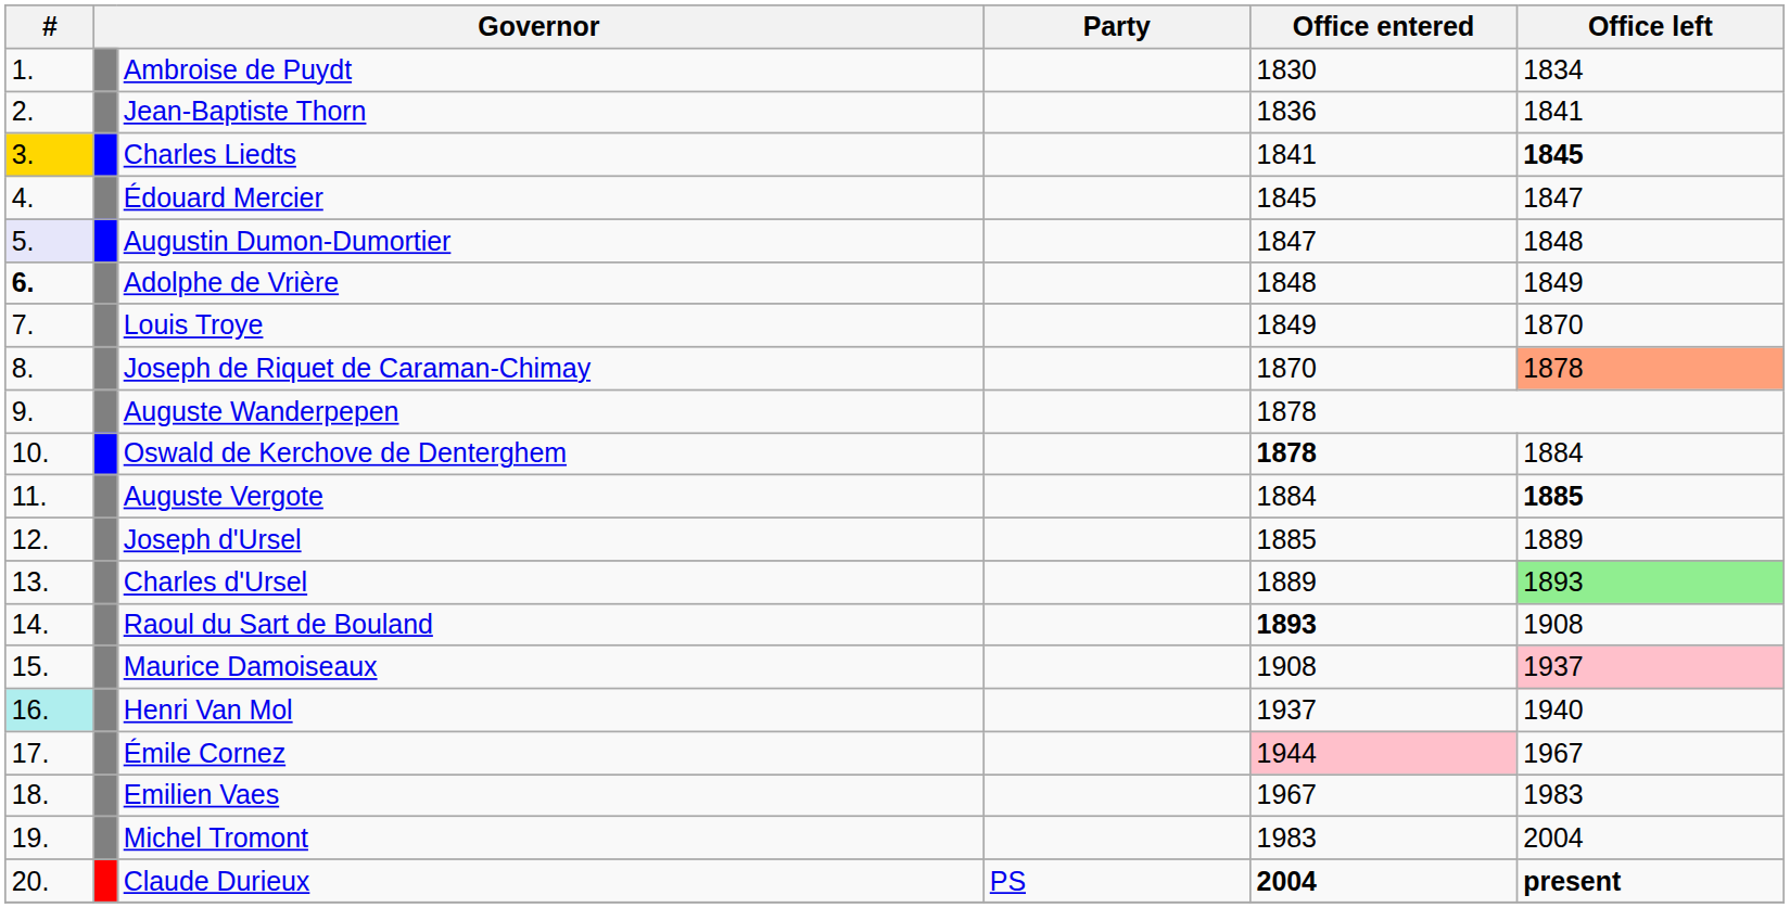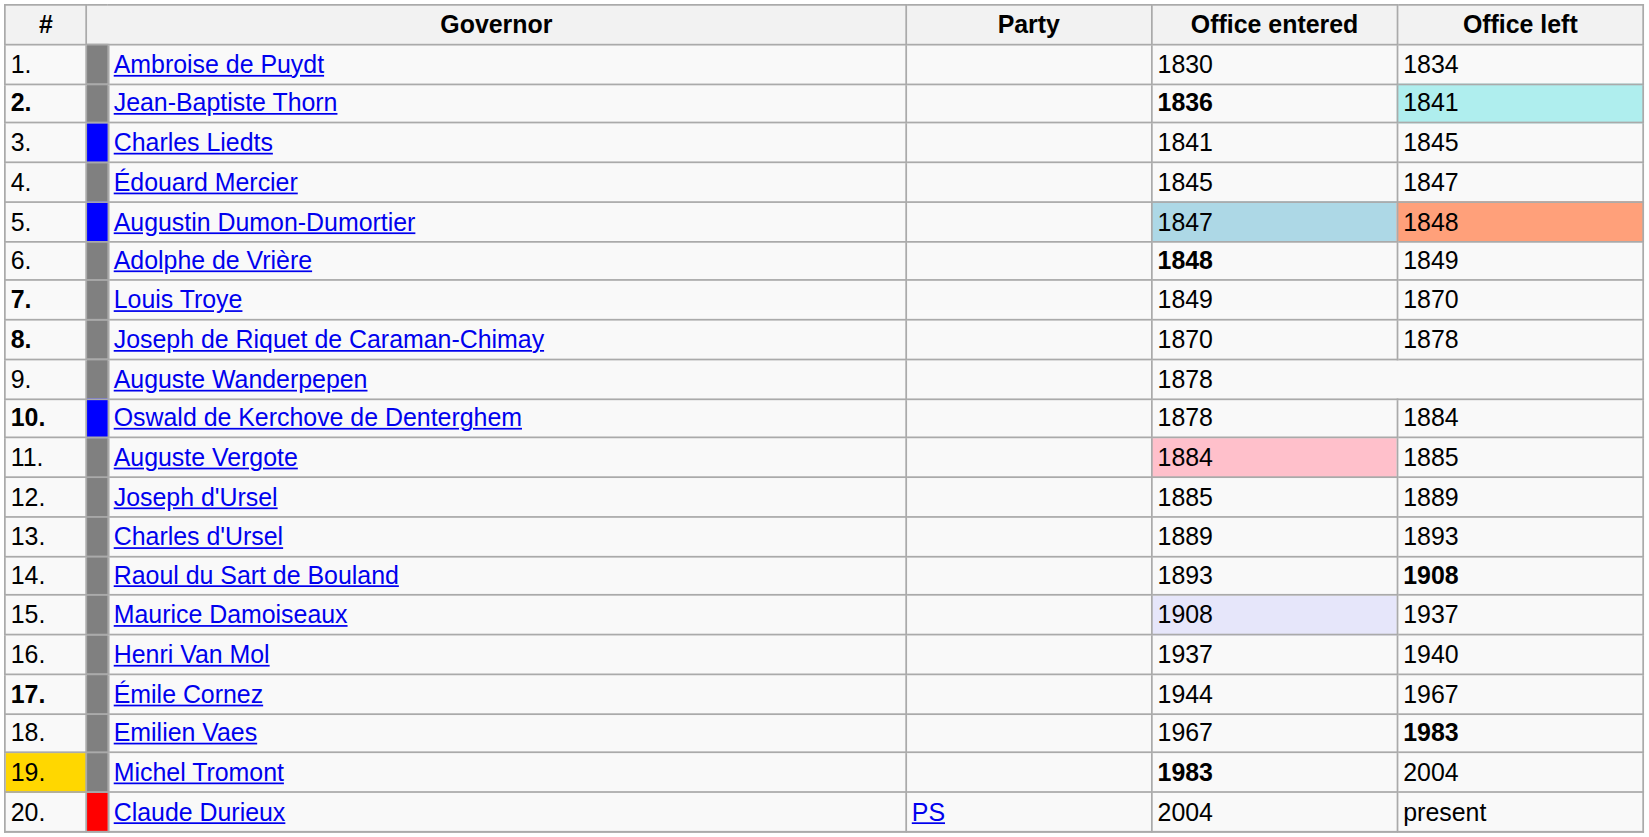 <table class="wikitable" style="text-align:left; font-size:90%; width:75%">
 <tr>
 <th>#</th>
 <th colspan=2 width=50%>Governor</th>
 <th width=15%>Party</th>
 <th width=15%>Office entered</th>
 <th width=15%>Office left</th>
 </tr>
 <tr>
 <td>1.</td>
 <td bgcolor="grey"></td>
 <td><a href='#'>Ambroise de Puydt</a></td>
 <td></td>
 <td>1830</td>
 <td>1834</td>
 </tr>
 <tr>
-<td>2.</td>
+<td><strong>2.</strong></td>
 <td bgcolor="grey"></td>
 <td><a href='#'>Jean-Baptiste Thorn</a></td>
 <td></td>
-<td>1836</td>
-<td>1841</td>
+<td><strong>1836</strong></td>
+<td style="background: paleturquoise;">1841</td>
 </tr>
 <tr>
-<td style="background: gold;">3.</td>
+<td>3.</td>
 <td bgcolor="blue"></td>
 <td><a href='#'>Charles Liedts</a></td>
 <td></td>
 <td>1841</td>
-<td><strong>1845</strong></td>
+<td>1845</td>
 </tr>
 <tr>
 <td>4.</td>
 <td bgcolor="grey"></td>
 <td><a href='#'>Édouard Mercier</a></td>
 <td></td>
 <td>1845</td>
 <td>1847</td>
 </tr>
 <tr>
-<td style="background: lavender;">5.</td>
+<td>5.</td>
 <td bgcolor="blue"></td>
 <td><a href='#'>Augustin Dumon-Dumortier</a></td>
 <td></td>
-<td>1847</td>
-<td>1848</td>
+<td style="background: lightblue;">1847</td>
+<td style="background: lightsalmon;">1848</td>
 </tr>
 <tr>
-<td><strong>6.</strong></td>
+<td>6.</td>
 <td bgcolor="grey"></td>
 <td><a href='#'>Adolphe de Vrière</a></td>
 <td></td>
-<td>1848</td>
+<td><strong>1848</strong></td>
 <td>1849</td>
 </tr>
 <tr>
-<td>7.</td>
+<td><strong>7.</strong></td>
 <td bgcolor="grey"></td>
 <td><a href='#'>Louis Troye</a></td>
 <td></td>
 <td>1849</td>
 <td>1870</td>
 </tr>
 <tr>
-<td>8.</td>
+<td><strong>8.</strong></td>
 <td bgcolor="grey"></td>
 <td><a href='#'>Joseph de Riquet de Caraman-Chimay</a></td>
 <td></td>
 <td>1870</td>
-<td style="background: lightsalmon;">1878</td>
+<td>1878</td>
 </tr>
 <tr>
 <td>9.</td>
 <td bgcolor="grey"></td>
 <td><a href='#'>Auguste Wanderpepen</a></td>
 <td></td>
 <td colspan="2">1878</td>
 </tr>
 <tr>
-<td>10.</td>
+<td><strong>10.</strong></td>
 <td bgcolor="blue"></td>
 <td><a href='#'>Oswald de Kerchove de Denterghem</a></td>
 <td></td>
-<td><strong>1878</strong></td>
+<td>1878</td>
 <td>1884</td>
 </tr>
 <tr>
 <td>11.</td>
 <td bgcolor="grey"></td>
 <td><a href='#'>Auguste Vergote</a></td>
 <td></td>
-<td>1884</td>
-<td><strong>1885</strong></td>
+<td style="background: pink;">1884</td>
+<td>1885</td>
 </tr>
 <tr>
 <td>12.</td>
 <td bgcolor="grey"></td>
 <td><a href='#'>Joseph d'Ursel</a></td>
 <td></td>
 <td>1885</td>
 <td>1889</td>
 </tr>
 <tr>
 <td>13.</td>
 <td bgcolor="grey"></td>
 <td><a href='#'>Charles d'Ursel</a></td>
 <td></td>
 <td>1889</td>
-<td style="background: lightgreen;">1893</td>
+<td>1893</td>
 </tr>
 <tr>
 <td>14.</td>
 <td bgcolor="grey"></td>
 <td><a href='#'>Raoul du Sart de Bouland</a></td>
 <td></td>
-<td><strong>1893</strong></td>
-<td>1908</td>
+<td>1893</td>
+<td><strong>1908</strong></td>
 </tr>
 <tr>
 <td>15.</td>
 <td bgcolor="grey"></td>
 <td><a href='#'>Maurice Damoiseaux</a></td>
 <td></td>
-<td>1908</td>
-<td style="background: pink;">1937</td>
+<td style="background: lavender;">1908</td>
+<td>1937</td>
 </tr>
 <tr>
-<td style="background: paleturquoise;">16.</td>
+<td>16.</td>
 <td bgcolor="grey"></td>
 <td><a href='#'>Henri Van Mol</a></td>
 <td></td>
 <td>1937</td>
 <td>1940</td>
 </tr>
 <tr>
-<td>17.</td>
+<td><strong>17.</strong></td>
 <td bgcolor="grey"></td>
 <td><a href='#'>Émile Cornez</a></td>
 <td></td>
-<td style="background: pink;">1944</td>
+<td>1944</td>
 <td>1967</td>
 </tr>
 <tr>
 <td>18.</td>
 <td bgcolor="grey"></td>
 <td><a href='#'>Emilien Vaes</a></td>
 <td></td>
 <td>1967</td>
-<td>1983</td>
+<td><strong>1983</strong></td>
 </tr>
 <tr>
-<td>19.</td>
+<td style="background: gold;">19.</td>
 <td bgcolor="grey"></td>
 <td><a href='#'>Michel Tromont</a></td>
 <td></td>
-<td>1983</td>
+<td><strong>1983</strong></td>
 <td>2004</td>
 </tr>
 <tr>
 <td>20.</td>
 <td bgcolor="red"></td>
 <td><a href='#'>Claude Durieux</a></td>
 <td><a href='#'>PS</a></td>
-<td><strong>2004</strong></td>
-<td><strong>present</strong></td>
+<td>2004</td>
+<td>present</td>
 </tr>
 <tr>
 </tr>
 </table>
